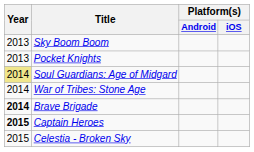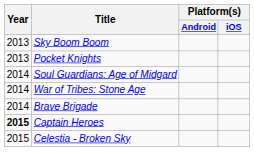 <table class="wikitable">
 <tr>
 <th rowspan="2">Year</th>
 <th rowspan="2">Title</th>
 <th colspan="6">Platform(s)</th>
 </tr>
 <tr>
 <th style="width:3em; font-size:90%"><a href='#'>Android</a></th>
 <th style="width:3em; font-size:90%"><a href='#'>iOS</a></th>
 </tr>
 <tr>
 <td>2013</td>
 <td><em><a href='#'>Sky Boom Boom</a></em></td>
 <td></td>
 <td></td>
 </tr>
 <tr>
 <td>2013</td>
 <td><em><a href='#'>Pocket Knights</a></em></td>
 <td></td>
 <td></td>
 </tr>
 <tr>
-<td style="background: khaki;">2014</td>
+<td>2014</td>
 <td><em><a href='#'>Soul Guardians: Age of Midgard</a></em></td>
 <td></td>
 <td></td>
 </tr>
 <tr>
 <td>2014</td>
 <td><em><a href='#'>War of Tribes: Stone Age</a></em></td>
 <td></td>
 <td></td>
 </tr>
 <tr>
-<td><strong>2014</strong></td>
+<td>2014</td>
 <td><em><a href='#'>Brave Brigade</a></em></td>
 <td></td>
 <td></td>
 </tr>
 <tr>
 <td><strong>2015</strong></td>
 <td><em><a href='#'>Captain Heroes</a></em></td>
 <td></td>
 <td></td>
 </tr>
 <tr>
 <td>2015</td>
 <td><em><a href='#'>Celestia - Broken Sky</a></em></td>
 <td></td>
 <td></td>
 </tr>
 </table>
